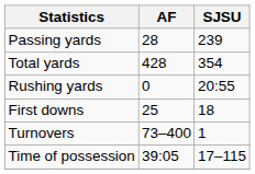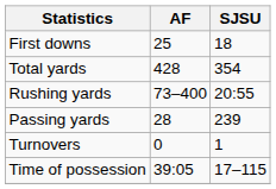 <table class="wikitable" style="float: left;">
 <tr>
 <th>Statistics</th>
 <th>AF</th>
 <th>SJSU</th>
 </tr>
 <tr>
-<td>Passing yards</td>
-<td>28</td>
-<td>239</td>
+<td>First downs</td>
+<td>25</td>
+<td>18</td>
 </tr>
 <tr>
 <td>Total yards</td>
 <td>428</td>
 <td>354</td>
 </tr>
 <tr>
 <td>Rushing yards</td>
-<td>0</td>
+<td>73–400</td>
 <td>20:55</td>
 </tr>
 <tr>
-<td>First downs</td>
-<td>25</td>
-<td>18</td>
+<td>Passing yards</td>
+<td>28</td>
+<td>239</td>
 </tr>
 <tr>
 <td>Turnovers</td>
-<td>73–400</td>
+<td>0</td>
 <td>1</td>
 </tr>
 <tr>
 <td>Time of possession</td>
 <td>39:05</td>
 <td>17–115</td>
 </tr>
 <tr>
 </tr>
 </table>
